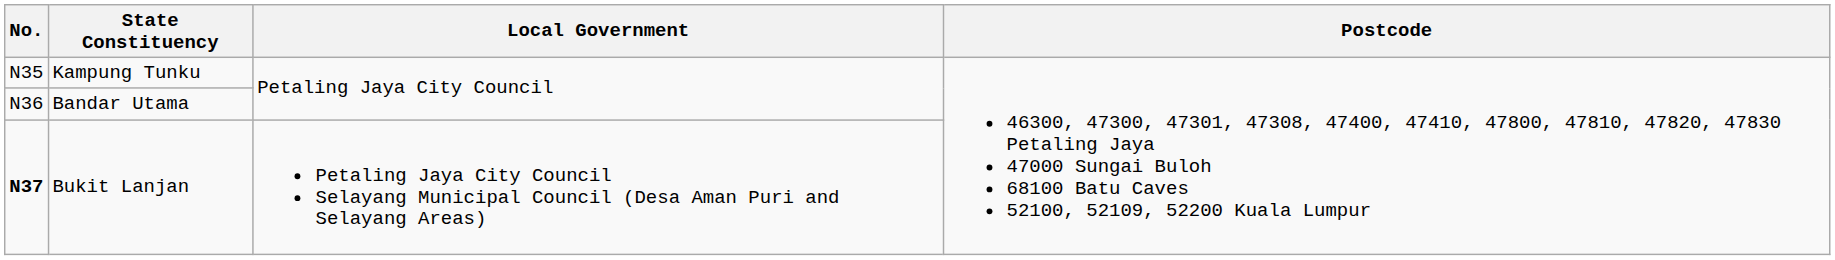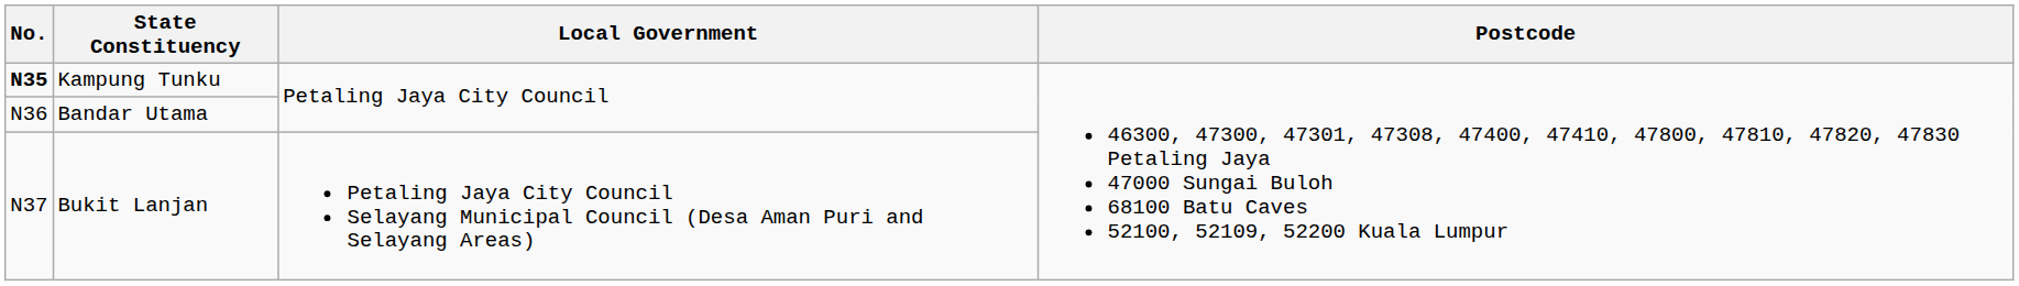 <table class="wikitable">
 <tr>
 <th>No.</th>
 <th>State Constituency</th>
 <th>Local Government</th>
 <th>Postcode</th>
 </tr>
 <tr>
-<td>N35</td>
+<td><strong>N35</strong></td>
 <td>Kampung Tunku</td>
 <td rowspan="2">Petaling Jaya City Council</td>
 <td rowspan="3"><br><ul><li>46300, 47300, 47301, 47308, 47400, 47410, 47800, 47810, 47820, 47830 Petaling Jaya</li><li>47000 Sungai Buloh</li><li>68100 Batu Caves</li><li>52100, 52109, 52200 Kuala Lumpur</li></ul></td>
 </tr>
 <tr>
 <td>N36</td>
 <td>Bandar Utama</td>
 </tr>
 <tr>
-<td><strong>N37</strong></td>
+<td>N37</td>
 <td>Bukit Lanjan</td>
 <td><br><ul><li>Petaling Jaya City Council</li><li>Selayang Municipal Council (Desa Aman Puri and Selayang Areas)</li></ul></td>
 </tr>
 </table>
